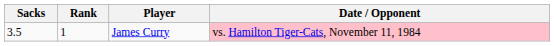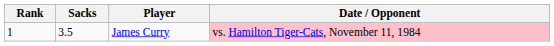 <table class="wikitable" style="width:60%;">
 <tr>
+<th>Rank</th>
 <th>Sacks</th>
-<th>Rank</th>
 <th>Player</th>
 <th>Date / Opponent</th>
 </tr>
 <tr>
+<td>1</td>
 <td>3.5</td>
-<td>1</td>
 <td><a href='#'>James Curry</a></td>
 <td style="background: pink;">vs. <a href='#'>Hamilton Tiger-Cats</a>, November 11, 1984</td>
 </tr>
 </table>
